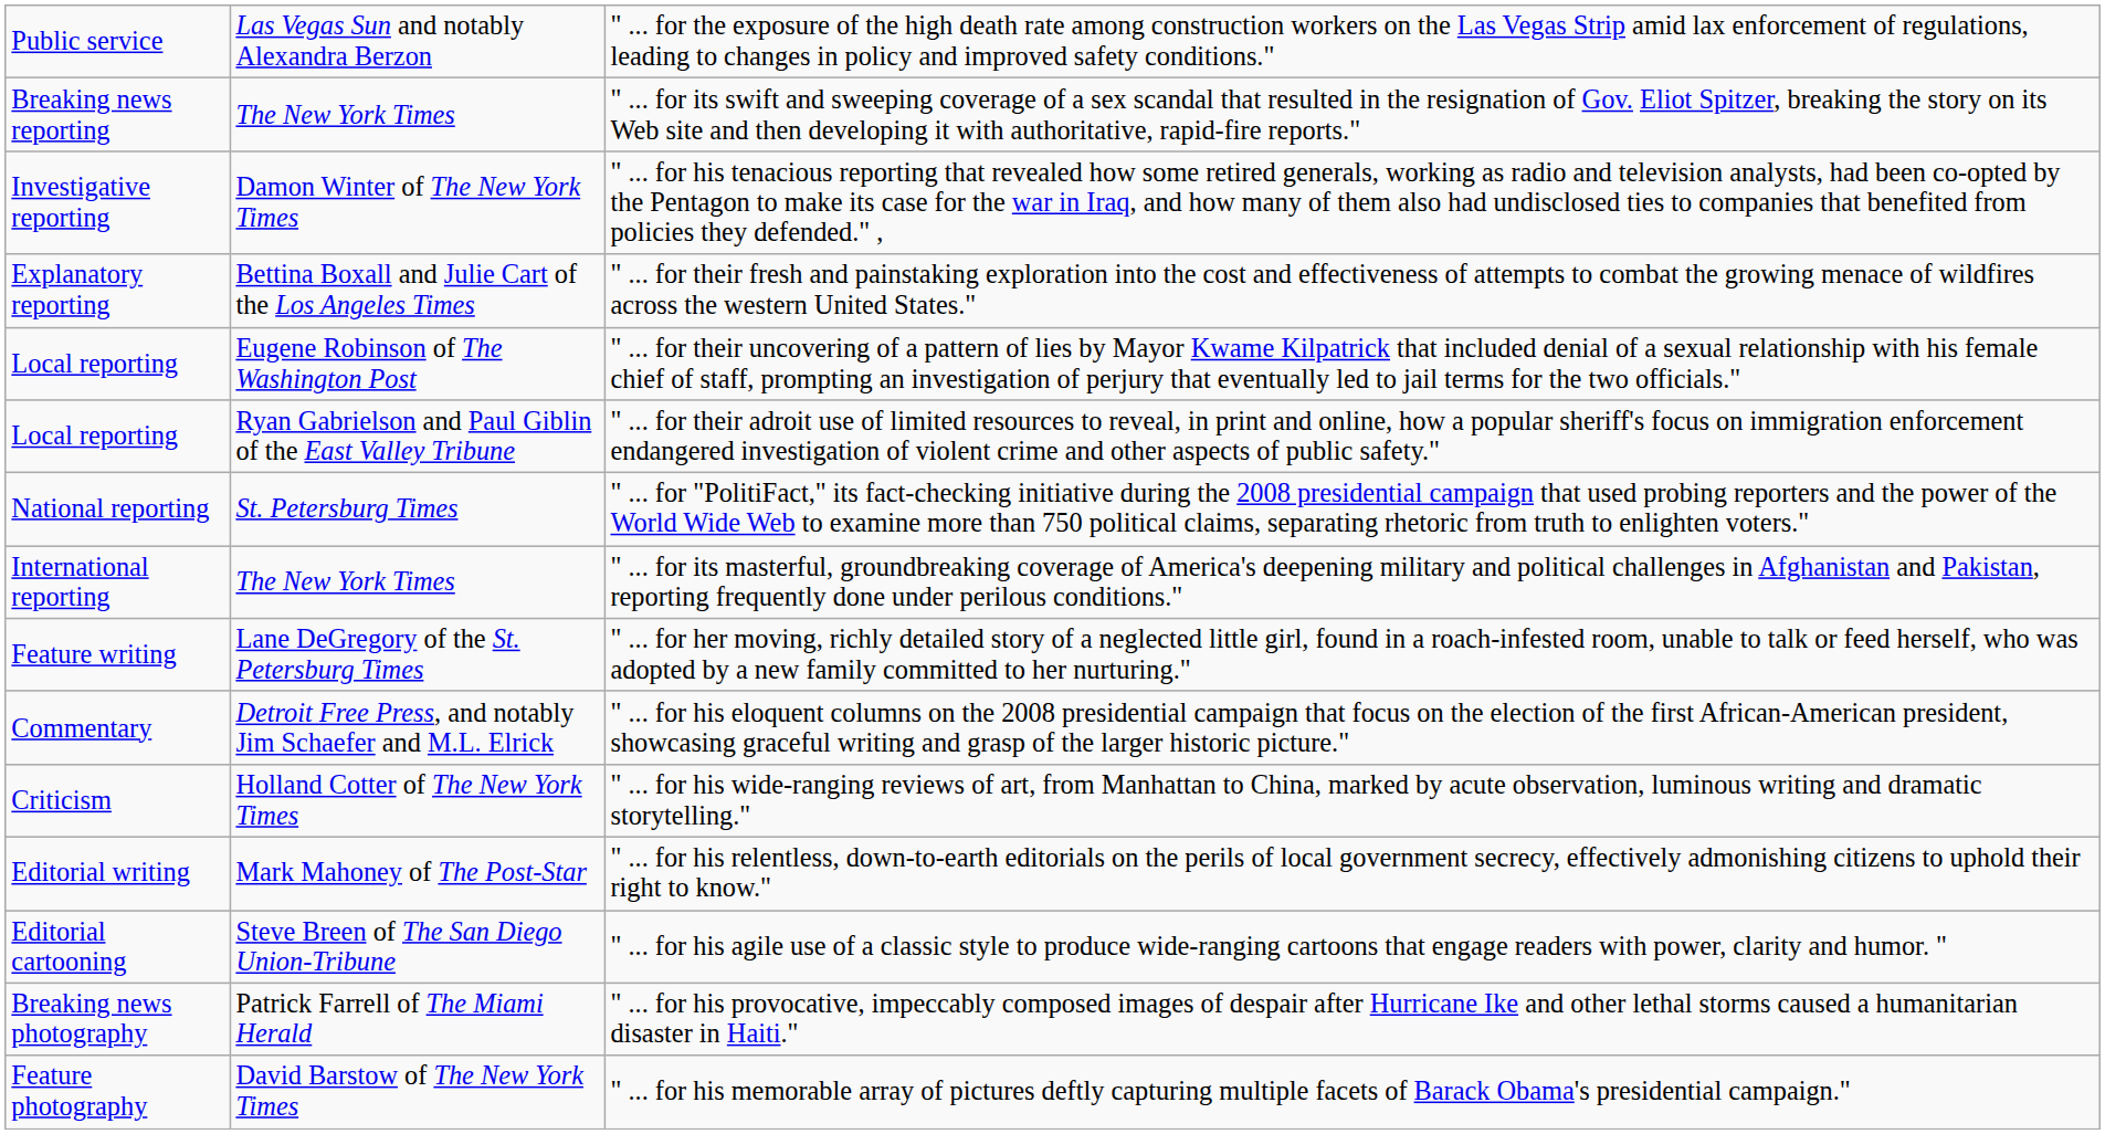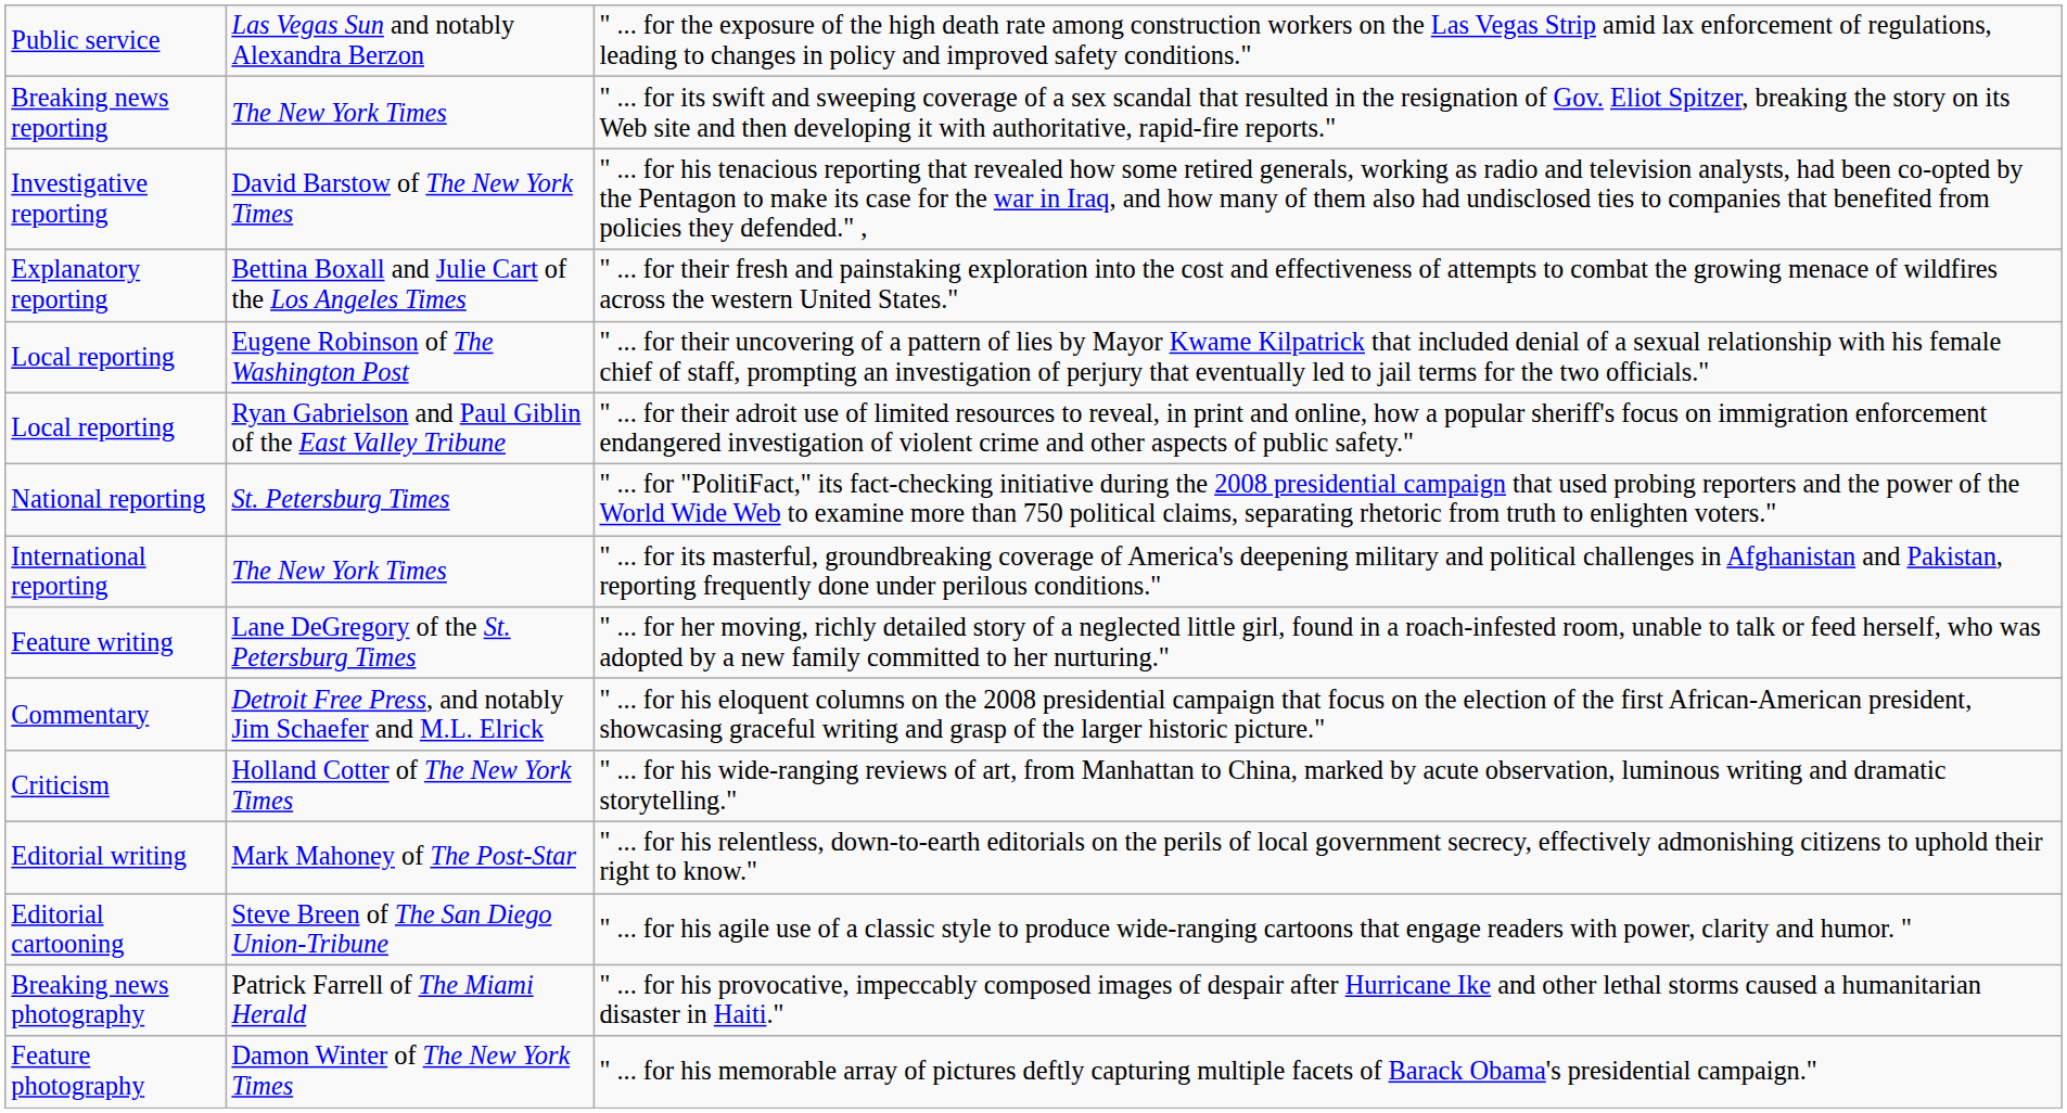 <table class="wikitable">
 <tr>
 <td><a href='#'>Public service</a></td>
 <td><em><a href='#'>Las Vegas Sun</a></em> and notably <a href='#'>Alexandra Berzon</a></td>
 <td>" ... for the exposure of the high death rate among construction workers on the <a href='#'>Las Vegas Strip</a> amid lax enforcement of regulations, leading to changes in policy and improved safety conditions." </td>
 </tr>
 <tr>
 <td><a href='#'>Breaking news reporting</a></td>
 <td><em><a href='#'>The New York Times</a></em></td>
 <td>" ... for its swift and sweeping coverage of a sex scandal that resulted in the resignation of <a href='#'>Gov.</a> <a href='#'>Eliot Spitzer</a>, breaking the story on its Web site and then developing it with authoritative, rapid-fire reports."</td>
 </tr>
 <tr>
 <td><a href='#'>Investigative reporting</a></td>
-<td><a href='#'>Damon Winter</a> of <em><a href='#'>The New York Times</a></em></td>
+<td><a href='#'>David Barstow</a> of <em><a href='#'>The New York Times</a></em></td>
 <td>" ... for his tenacious reporting that revealed how some retired generals, working as radio and television analysts, had been co-opted by the Pentagon to make its case for the <a href='#'>war in Iraq</a>, and how many of them also had undisclosed ties to companies that benefited from policies they defended." , </td>
 </tr>
 <tr>
 <td><a href='#'>Explanatory reporting</a></td>
 <td><a href='#'>Bettina Boxall</a> and <a href='#'>Julie Cart</a> of the <em><a href='#'>Los Angeles Times</a></em></td>
 <td>" ... for their fresh and painstaking exploration into the cost and effectiveness of attempts to combat the growing menace of wildfires across the western United States." </td>
 </tr>
 <tr>
 <td><a href='#'>Local reporting</a></td>
 <td><a href='#'>Eugene Robinson</a> of <em><a href='#'>The Washington Post</a></em></td>
 <td>" ... for their uncovering of a pattern of lies by Mayor <a href='#'>Kwame Kilpatrick</a> that included denial of a sexual relationship with his female chief of staff, prompting an investigation of perjury that eventually led to jail terms for the two officials."</td>
 </tr>
 <tr>
 <td><a href='#'>Local reporting</a></td>
 <td><a href='#'>Ryan Gabrielson</a> and <a href='#'>Paul Giblin</a> of the <em><a href='#'>East Valley Tribune</a></em></td>
 <td>" ... for their adroit use of limited resources to reveal, in print and online, how a popular sheriff's focus on immigration enforcement endangered investigation of violent crime and other aspects of public safety." </td>
 </tr>
 <tr>
 <td><a href='#'>National reporting</a></td>
 <td><em><a href='#'>St. Petersburg Times</a></em></td>
 <td>" ... for "PolitiFact," its fact-checking initiative during the <a href='#'>2008 presidential campaign</a> that used probing reporters and the power of the <a href='#'>World Wide Web</a> to examine more than 750 political claims, separating rhetoric from truth to enlighten voters."</td>
 </tr>
 <tr>
 <td><a href='#'>International reporting</a></td>
 <td><em><a href='#'>The New York Times</a></em></td>
 <td>" ... for its masterful, groundbreaking coverage of America's deepening military and political challenges in <a href='#'>Afghanistan</a> and <a href='#'>Pakistan</a>, reporting frequently done under perilous conditions." </td>
 </tr>
 <tr>
 <td><a href='#'>Feature writing</a></td>
 <td><a href='#'>Lane DeGregory</a> of the <em><a href='#'>St. Petersburg Times</a></em></td>
 <td>" ... for her moving, richly detailed story of a neglected little girl, found in a roach-infested room, unable to talk or feed herself, who was adopted by a new family committed to her nurturing." </td>
 </tr>
 <tr>
 <td><a href='#'>Commentary</a></td>
 <td><em><a href='#'>Detroit Free Press</a></em>, and notably <a href='#'>Jim Schaefer</a> and <a href='#'>M.L. Elrick</a></td>
 <td>" ... for his eloquent columns on the 2008 presidential campaign that focus on the election of the first African-American president, showcasing graceful writing and grasp of the larger historic picture."</td>
 </tr>
 <tr>
 <td><a href='#'>Criticism</a></td>
 <td><a href='#'>Holland Cotter</a> of <em><a href='#'>The New York Times</a></em></td>
 <td>" ... for his wide-ranging reviews of art, from Manhattan to China, marked by acute observation, luminous writing and dramatic storytelling."</td>
 </tr>
 <tr>
 <td><a href='#'>Editorial writing</a></td>
 <td><a href='#'>Mark Mahoney</a> of <em><a href='#'>The Post-Star</a></em></td>
 <td>" ... for his relentless, down-to-earth editorials on the perils of local government secrecy, effectively admonishing citizens to uphold their right to know."</td>
 </tr>
 <tr>
 <td><a href='#'>Editorial cartooning</a></td>
 <td><a href='#'>Steve Breen</a> of <em><a href='#'>The San Diego Union-Tribune</a></em></td>
 <td>" ... for his agile use of a classic style to produce wide-ranging cartoons that engage readers with power, clarity and humor. " </td>
 </tr>
 <tr>
 <td><a href='#'>Breaking news photography</a></td>
 <td>Patrick Farrell of <em><a href='#'>The Miami Herald</a></em></td>
 <td>" ... for his provocative, impeccably composed images of despair after <a href='#'>Hurricane Ike</a> and other lethal storms caused a humanitarian disaster in <a href='#'>Haiti</a>." </td>
 </tr>
 <tr>
 <td><a href='#'>Feature photography</a></td>
-<td><a href='#'>David Barstow</a> of <em><a href='#'>The New York Times</a></em></td>
+<td><a href='#'>Damon Winter</a> of <em><a href='#'>The New York Times</a></em></td>
 <td>" ... for his memorable array of pictures deftly capturing multiple facets of <a href='#'>Barack Obama</a>'s presidential campaign." </td>
 </tr>
 </table>
